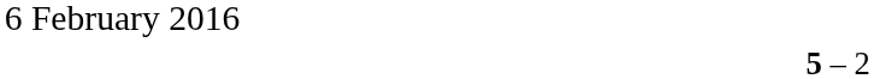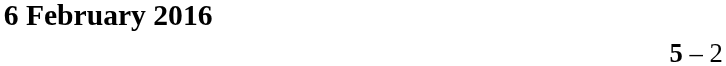 <table style="width:70%;" cellspacing="1">
 <tr>
 <th width=35%></th>
 <th width=15%></th>
 <th></th>
 </tr>
 <tr>
-<td>6 February 2016</td>
+<td><strong>6 February 2016</strong></td>
 </tr>
 <tr style=font-size:90%>
 <td align=right><strong></strong></td>
 <td align=center><strong>5</strong> – 2</td>
 <td></td>
 </tr>
 </table>
